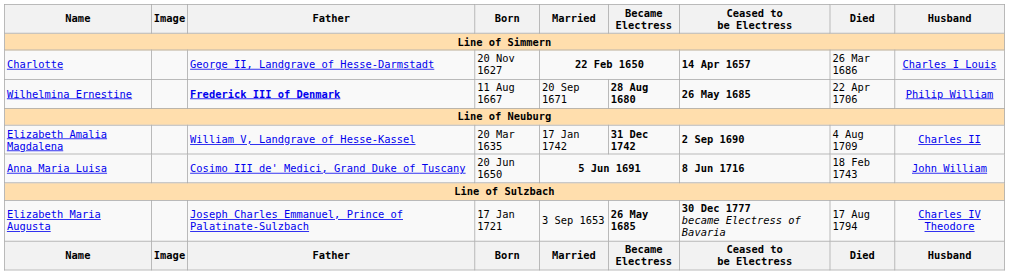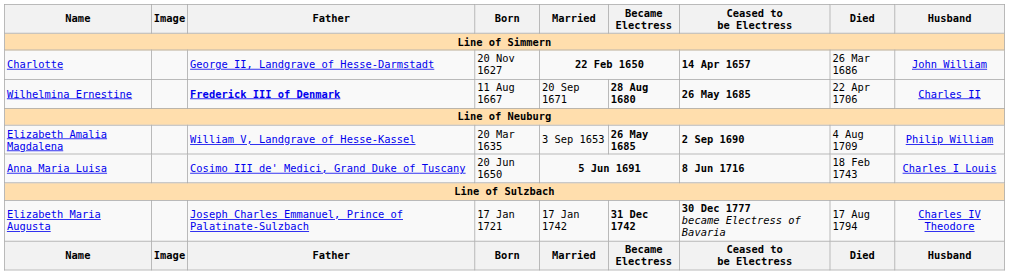 <table class="wikitable">
 <tr>
 <th>Name</th>
 <th>Image</th>
 <th>Father</th>
 <th>Born</th>
 <th>Married</th>
 <th>Became<br>Electress</th>
 <th>Ceased to<br>be Electress</th>
 <th>Died</th>
 <th>Husband</th>
 </tr>
 <tr>
 <td colspan="10" bgcolor=#FFDEAD align="center"><strong>Line of Simmern</strong></td>
 </tr>
 <tr>
 <td><a href='#'>Charlotte</a></td>
 <td></td>
 <td><a href='#'>George II, Landgrave of Hesse-Darmstadt</a></td>
 <td>20 Nov 1627</td>
 <td align=center colspan="2"><strong>22 Feb 1650</strong></td>
 <td><strong>14 Apr 1657</strong></td>
 <td>26 Mar 1686</td>
-<td align="center"><a href='#'>Charles I Louis</a></td>
+<td align="center"><a href='#'>John William</a></td>
 </tr>
 <tr>
 <td><a href='#'>Wilhelmina Ernestine</a></td>
 <td></td>
 <td><strong><a href='#'>Frederick III of Denmark</a></strong></td>
 <td>11 Aug 1667</td>
 <td>20 Sep 1671</td>
 <td><strong>28 Aug 1680</strong></td>
 <td><strong>26 May 1685</strong></td>
 <td>22 Apr 1706</td>
-<td align="center"><a href='#'>Philip William</a></td>
+<td align="center"><a href='#'>Charles II</a></td>
 </tr>
 <tr>
 <td colspan="10" bgcolor=#FFDEAD align="center"><strong>Line of Neuburg</strong></td>
 </tr>
 <tr>
 <td><a href='#'>Elizabeth Amalia Magdalena</a></td>
 <td></td>
 <td><a href='#'>William V, Landgrave of Hesse-Kassel</a></td>
 <td>20 Mar 1635</td>
-<td>17 Jan 1742</td>
-<td><strong>31 Dec 1742</strong></td>
+<td>3 Sep 1653</td>
+<td><strong>26 May 1685</strong></td>
 <td><strong>2 Sep 1690</strong></td>
 <td>4 Aug 1709</td>
-<td align="center"><a href='#'>Charles II</a></td>
+<td align="center"><a href='#'>Philip William</a></td>
 </tr>
 <tr>
 <td><a href='#'>Anna Maria Luisa</a></td>
 <td></td>
 <td><a href='#'>Cosimo III de' Medici, Grand Duke of Tuscany</a></td>
 <td>20 Jun 1650</td>
 <td align="center" colspan="2"><strong>5 Jun 1691</strong></td>
 <td><strong>8 Jun 1716</strong></td>
 <td>18 Feb 1743</td>
-<td align="center"><a href='#'>John William</a></td>
+<td align="center"><a href='#'>Charles I Louis</a></td>
 </tr>
 <tr>
 <td colspan="10" bgcolor=#FFDEAD align="center"><strong>Line of Sulzbach</strong></td>
 </tr>
 <tr>
 <td><a href='#'>Elizabeth Maria Augusta</a></td>
 <td></td>
 <td><a href='#'>Joseph Charles Emmanuel, Prince of Palatinate-Sulzbach</a></td>
 <td>17 Jan 1721</td>
-<td>3 Sep 1653</td>
-<td><strong>26 May 1685</strong></td>
+<td>17 Jan 1742</td>
+<td><strong>31 Dec 1742</strong></td>
 <td><strong>30 Dec 1777</strong><br><em>became Electress of Bavaria</em></td>
 <td>17 Aug 1794</td>
 <td align="center"><a href='#'>Charles IV Theodore</a></td>
 </tr>
 <tr>
 <th>Name</th>
 <th>Image</th>
 <th>Father</th>
 <th>Born</th>
 <th>Married</th>
 <th>Became<br>Electress</th>
 <th>Ceased to<br>be Electress</th>
 <th>Died</th>
 <th>Husband</th>
 </tr>
 </table>
